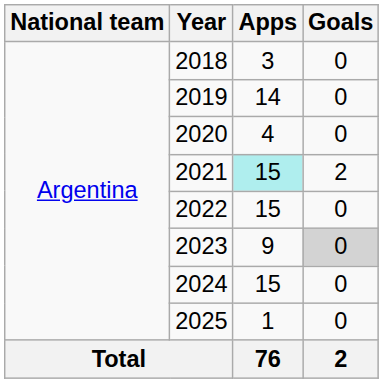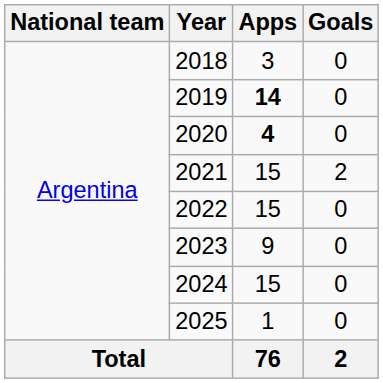 <table class="wikitable" style="text-align:center">
 <tr>
 <th>National team</th>
 <th>Year</th>
 <th>Apps</th>
 <th>Goals</th>
 </tr>
 <tr>
 <td rowspan="8"><a href='#'>Argentina</a></td>
 <td>2018</td>
 <td>3</td>
 <td>0</td>
 </tr>
 <tr>
 <td>2019</td>
-<td>14</td>
+<td><strong>14</strong></td>
 <td>0</td>
 </tr>
 <tr>
 <td>2020</td>
-<td>4</td>
+<td><strong>4</strong></td>
 <td>0</td>
 </tr>
 <tr>
 <td>2021</td>
-<td style="background: paleturquoise;">15</td>
+<td>15</td>
 <td>2</td>
 </tr>
 <tr>
 <td>2022</td>
 <td>15</td>
 <td>0</td>
 </tr>
 <tr>
 <td>2023</td>
 <td>9</td>
-<td style="background: lightgrey;">0</td>
+<td>0</td>
 </tr>
 <tr>
 <td>2024</td>
 <td>15</td>
 <td>0</td>
 </tr>
 <tr>
 <td>2025</td>
 <td>1</td>
 <td>0</td>
 </tr>
 <tr>
 <th colspan="2">Total</th>
 <th>76</th>
 <th>2</th>
 </tr>
 </table>
